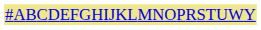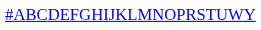 <table id="toc" class="toc" summary="Class">
 <tr>
 <th></th>
 </tr>
 <tr>
-<td style="background: khaki; text-align:center;"><a href='#'>#</a><a href='#'>A</a><a href='#'>B</a><a href='#'>C</a><a href='#'>D</a><a href='#'>E</a><a href='#'>F</a><a href='#'>G</a><a href='#'>H</a><a href='#'>I</a><a href='#'>J</a><a href='#'>K</a><a href='#'>L</a><a href='#'>M</a><a href='#'>N</a><a href='#'>O</a><a href='#'>P</a><a href='#'>R</a><a href='#'>S</a><a href='#'>T</a><a href='#'>U</a><a href='#'>W</a><a href='#'>Y</a></td>
+<td style="text-align:center;"><a href='#'>#</a><a href='#'>A</a><a href='#'>B</a><a href='#'>C</a><a href='#'>D</a><a href='#'>E</a><a href='#'>F</a><a href='#'>G</a><a href='#'>H</a><a href='#'>I</a><a href='#'>J</a><a href='#'>K</a><a href='#'>L</a><a href='#'>M</a><a href='#'>N</a><a href='#'>O</a><a href='#'>P</a><a href='#'>R</a><a href='#'>S</a><a href='#'>T</a><a href='#'>U</a><a href='#'>W</a><a href='#'>Y</a></td>
 </tr>
 </table>
